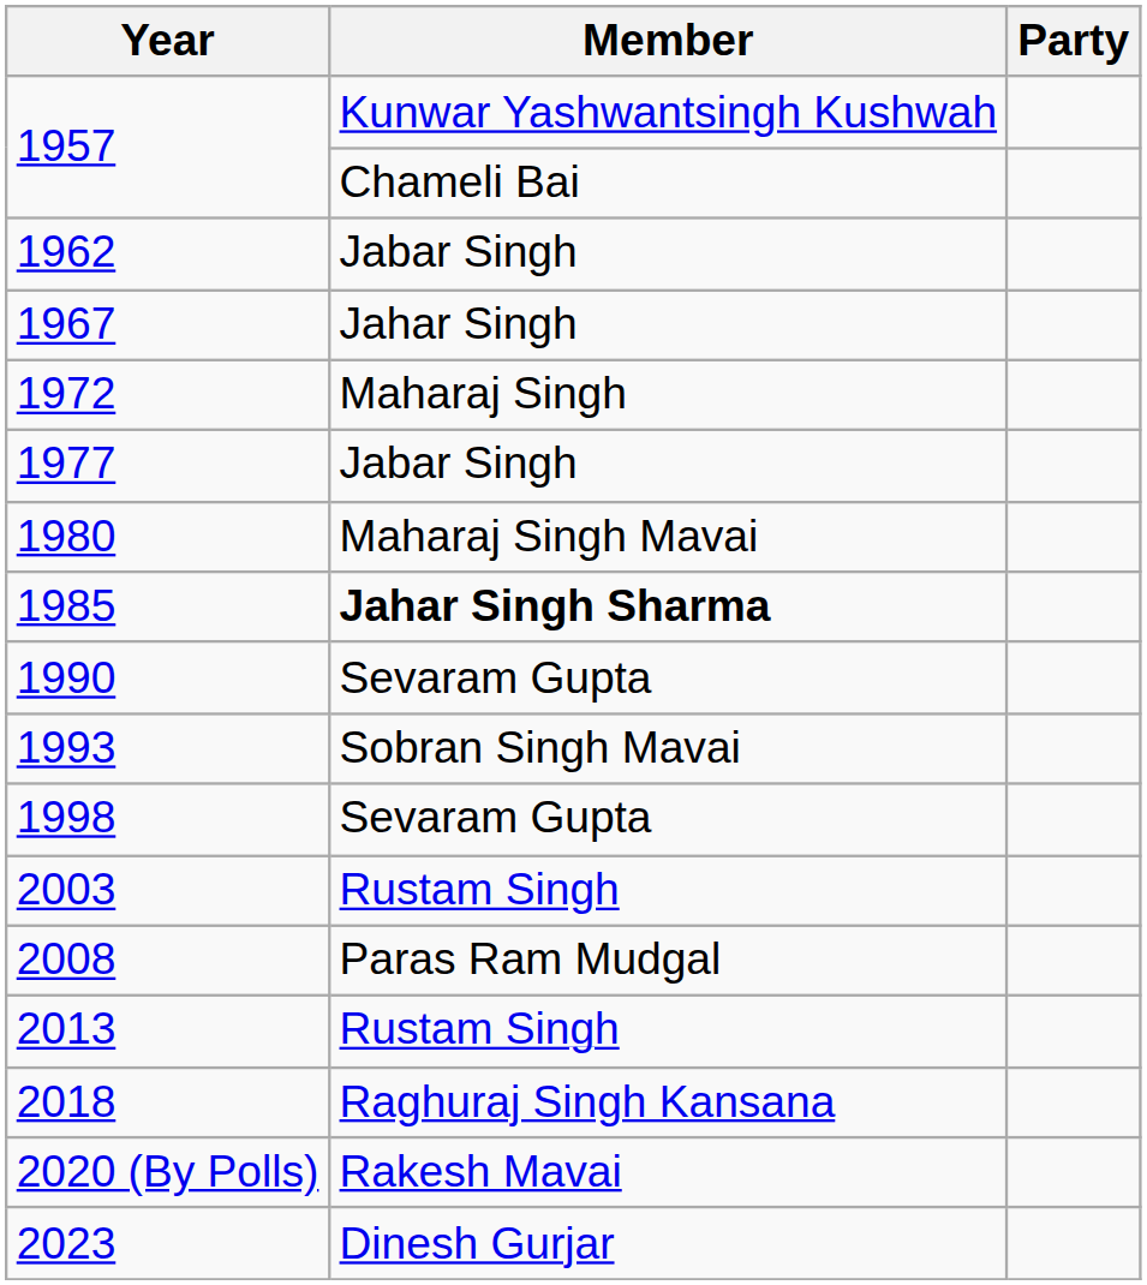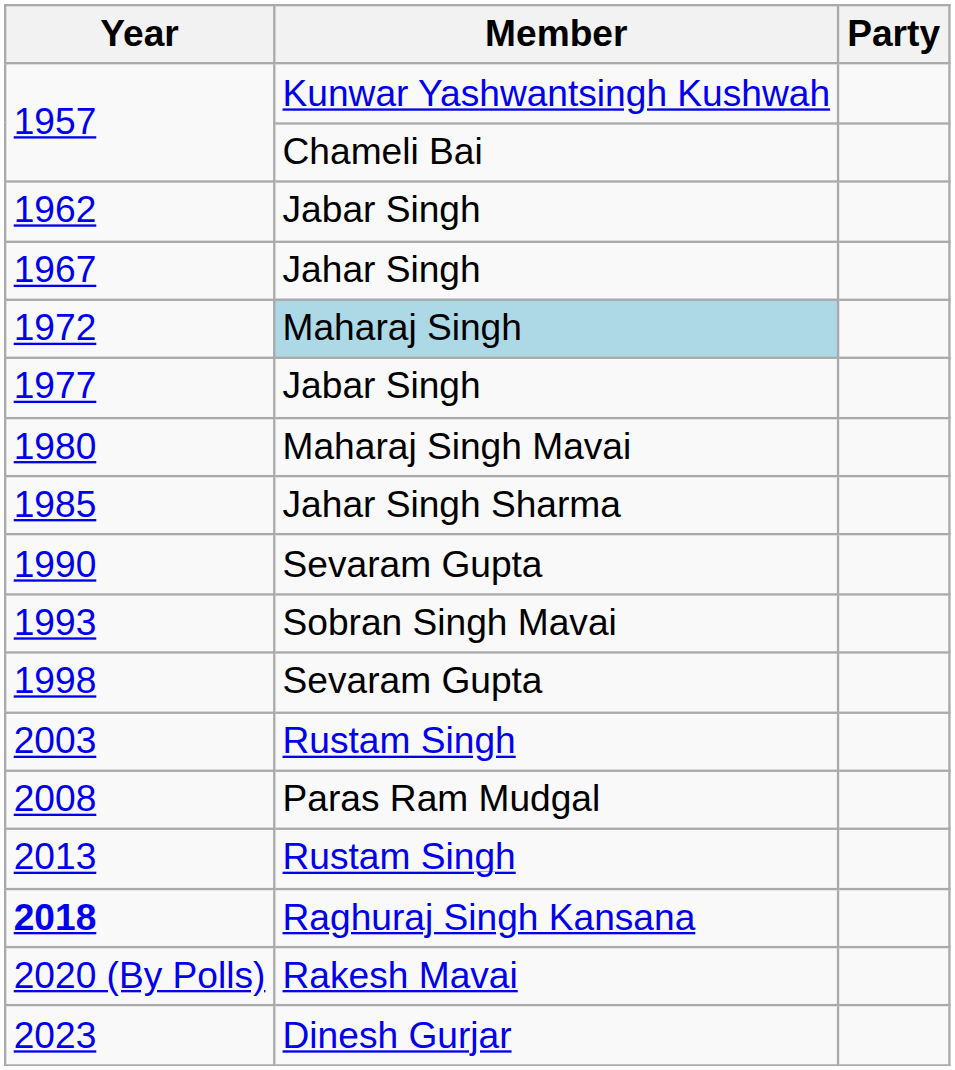 <table class="wikitable sortable">
 <tr>
 <th>Year</th>
 <th>Member</th>
 <th colspan="2">Party</th>
 </tr>
 <tr>
 <td rowspan=2><a href='#'>1957</a></td>
 <td><a href='#'>Kunwar Yashwantsingh Kushwah</a></td>
 <td></td>
 </tr>
 <tr>
 <td>Chameli Bai</td>
 </tr>
 <tr>
 <td><a href='#'>1962</a></td>
 <td>Jabar Singh</td>
 <td></td>
 </tr>
 <tr>
 <td><a href='#'>1967</a></td>
 <td>Jahar Singh</td>
 <td></td>
 </tr>
 <tr>
 <td><a href='#'>1972</a></td>
-<td>Maharaj Singh</td>
+<td style="background: lightblue;">Maharaj Singh</td>
 </tr>
 <tr>
 <td><a href='#'>1977</a></td>
 <td>Jabar Singh</td>
 <td></td>
 </tr>
 <tr>
 <td><a href='#'>1980</a></td>
 <td>Maharaj Singh Mavai</td>
 <td></td>
 </tr>
 <tr>
 <td><a href='#'>1985</a></td>
-<td><strong>Jahar Singh Sharma</strong></td>
+<td>Jahar Singh Sharma</td>
 <td></td>
 </tr>
 <tr>
 <td><a href='#'>1990</a></td>
 <td>Sevaram Gupta</td>
 <td></td>
 </tr>
 <tr>
 <td><a href='#'>1993</a></td>
 <td>Sobran Singh Mavai</td>
 <td></td>
 </tr>
 <tr>
 <td><a href='#'>1998</a></td>
 <td>Sevaram Gupta</td>
 <td></td>
 </tr>
 <tr>
 <td><a href='#'>2003</a></td>
 <td><a href='#'>Rustam Singh</a></td>
 <td></td>
 </tr>
 <tr>
 <td><a href='#'>2008</a></td>
 <td>Paras Ram Mudgal</td>
 <td></td>
 </tr>
 <tr>
 <td><a href='#'>2013</a></td>
 <td><a href='#'>Rustam Singh</a></td>
 <td></td>
 </tr>
 <tr>
-<td><a href='#'>2018</a></td>
+<td><strong><a href='#'>2018</a></strong></td>
 <td><a href='#'>Raghuraj Singh Kansana</a></td>
 <td></td>
 </tr>
 <tr>
 <td><a href='#'>2020 (By Polls)</a></td>
 <td><a href='#'>Rakesh Mavai</a></td>
 <td></td>
 </tr>
 <tr>
 <td><a href='#'>2023</a></td>
 <td><a href='#'>Dinesh Gurjar</a></td>
 <td></td>
 </tr>
 </table>
